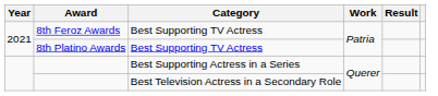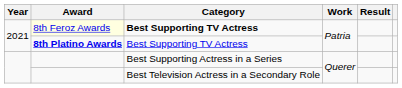 <table class="wikitable sortable plainrowheaders">
 <tr>
 <th>Year</th>
 <th>Award</th>
 <th>Category</th>
 <th>Work</th>
 <th>Result</th>
 <th scope="col" class="unsortable"></th>
 </tr>
 <tr>
 <td align = "center" rowspan = "2">2021</td>
-<td><a href='#'>8th Feroz Awards</a></td>
-<td>Best Supporting TV Actress</td>
+<td style="background: lightyellow;"><a href='#'>8th Feroz Awards</a></td>
+<td><strong>Best Supporting TV Actress</strong></td>
 <td rowspan = "2"><em>Patria</em></td>
 <td></td>
 <td align = "center"></td>
 </tr>
 <tr>
-<td><a href='#'>8th Platino Awards</a></td>
+<td><strong><a href='#'>8th Platino Awards</a></strong></td>
 <td><a href='#'>Best Supporting TV Actress</a></td>
 <td></td>
 <td align = "center"></td>
 </tr>
 <tr>
 <td rowspan = "2"></td>
 <td></td>
 <td>Best Supporting Actress in a Series</td>
 <td rowspan = "2"><em>Querer</em></td>
 <td></td>
 <td></td>
 </tr>
 <tr>
 <td></td>
 <td>Best Television Actress in a Secondary Role</td>
 <td></td>
 <td></td>
 </tr>
 </table>
